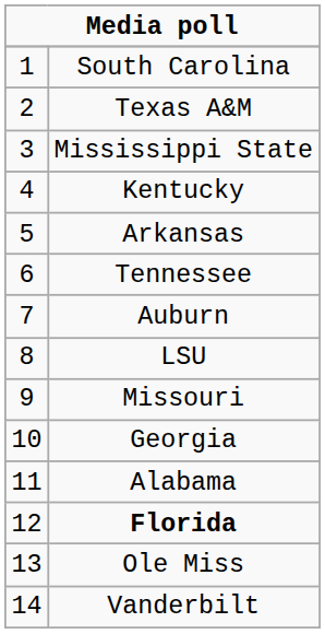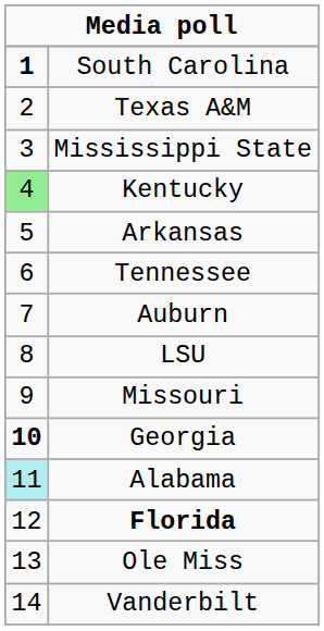 <table class="wikitable">
 <tr align="center">
 <td align="center" Colspan="3"><strong>Media poll</strong></td>
 </tr>
 <tr align="center">
 </tr>
 <tr align="center">
-<td>1</td>
+<td><strong>1</strong></td>
 <td>South Carolina</td>
 </tr>
 <tr align="center">
 <td>2</td>
 <td>Texas A&M</td>
 </tr>
 <tr align="center">
 <td>3</td>
 <td>Mississippi State</td>
 </tr>
 <tr align="center">
-<td>4</td>
+<td style="background: lightgreen;">4</td>
 <td>Kentucky</td>
 </tr>
 <tr align="center">
 <td>5</td>
 <td>Arkansas</td>
 </tr>
 <tr align="center">
 <td>6</td>
 <td>Tennessee</td>
 </tr>
 <tr align="center">
 <td>7</td>
 <td>Auburn</td>
 </tr>
 <tr align="center">
 <td>8</td>
 <td>LSU</td>
 </tr>
 <tr align="center">
 <td>9</td>
 <td>Missouri</td>
 </tr>
 <tr align="center">
-<td>10</td>
+<td><strong>10</strong></td>
 <td>Georgia</td>
 </tr>
 <tr align="center">
-<td>11</td>
+<td style="background: paleturquoise;">11</td>
 <td>Alabama</td>
 </tr>
 <tr align="center">
 <td>12</td>
 <td><strong>Florida</strong></td>
 </tr>
 <tr align="center">
 <td>13</td>
 <td>Ole Miss</td>
 </tr>
 <tr align="center">
 <td>14</td>
 <td>Vanderbilt</td>
 </tr>
 </table>
